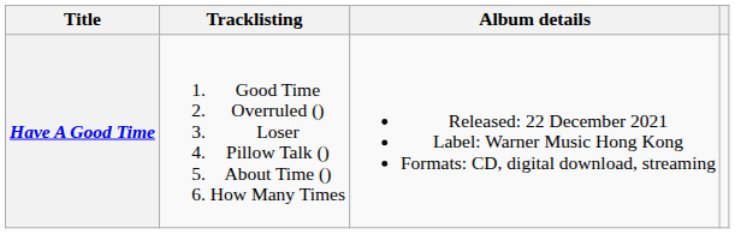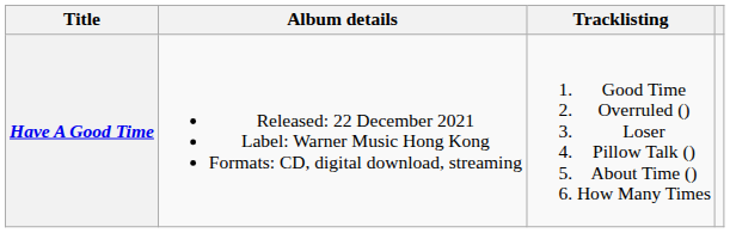 <table class="wikitable plainrowheaders" style="text-align:center;">
 <tr>
 <th>Title</th>
+<th>Album details</th>
 <th>Tracklisting</th>
-<th>Album details</th>
 <th scope="col" class="unsortable"></th>
 </tr>
 <tr>
 <th scope="row"><em><a href='#'>Have A Good Time</a></em></th>
+<td><br><ul><li>Released: 22 December 2021</li><li>Label: Warner Music Hong Kong</li><li>Formats: CD, digital download, streaming</li></ul></td>
 <td><br><ol><li>Good Time</li><li>Overruled ()</li><li>Loser</li><li>Pillow Talk ()</li><li>About Time ()</li><li>How Many Times</li></ol></td>
-<td><br><ul><li>Released: 22 December 2021</li><li>Label: Warner Music Hong Kong</li><li>Formats: CD, digital download, streaming</li></ul></td>
 <td></td>
 </tr>
 </table>
